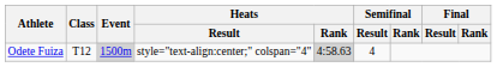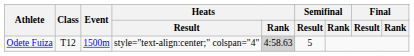 <table class=wikitable style="font-size:90%">
 <tr>
 <th rowspan="2">Athlete</th>
 <th rowspan="2">Class</th>
 <th rowspan="2">Event</th>
 <th colspan="2">Heats</th>
 <th colspan="2">Semifinal</th>
 <th colspan="2">Final</th>
 </tr>
 <tr>
 <th>Result</th>
 <th>Rank</th>
 <th>Result</th>
 <th>Rank</th>
 <th>Result</th>
 <th>Rank</th>
 </tr>
 <tr>
 <td><a href='#'>Odete Fuiza</a></td>
 <td style="text-align:center;">T12</td>
-<td style="background: lightgrey;"><a href='#'>1500m</a></td>
+<td><a href='#'>1500m</a></td>
 <td>style="text-align:center;" colspan="4" </td>
 <td style="background: lightgrey; text-align:center;">4:58.63</td>
-<td style="text-align:center;">4</td>
+<td style="text-align:center;">5</td>
 </tr>
 </table>
